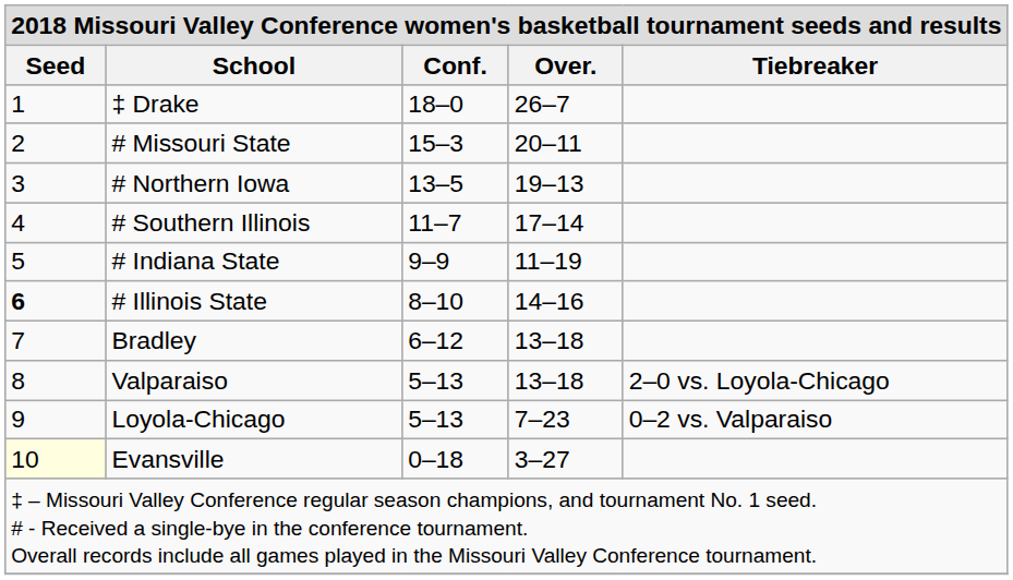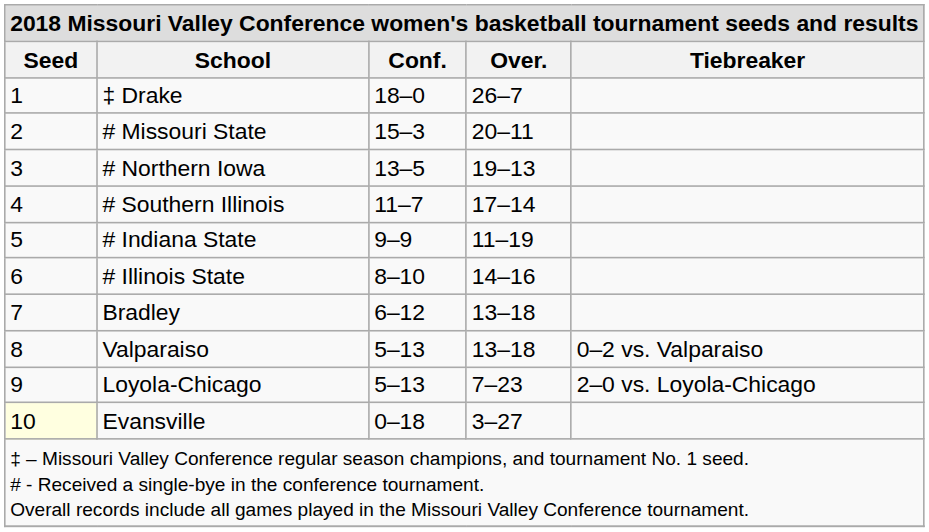 <table class="wikitable" style="white-space:nowrap; font-size:90%;">
 <tr>
 <td colspan="10" style="text-align:center; background:#DDDDDD; font:#000000"><strong>2018 Missouri Valley Conference women's basketball tournament seeds and results</strong></td>
 </tr>
 <tr bgcolor="#efefef">
 <th>Seed</th>
 <th>School</th>
 <th>Conf.</th>
 <th>Over.</th>
 <th>Tiebreaker</th>
 </tr>
 <tr>
 <td>1</td>
 <td>‡ Drake</td>
 <td>18–0</td>
 <td>26–7</td>
 <td></td>
 </tr>
 <tr>
 <td>2</td>
 <td># Missouri State</td>
 <td>15–3</td>
 <td>20–11</td>
 <td></td>
 </tr>
 <tr>
 <td>3</td>
 <td># Northern Iowa</td>
 <td>13–5</td>
 <td>19–13</td>
 <td></td>
 </tr>
 <tr>
 <td>4</td>
 <td># Southern Illinois</td>
 <td>11–7</td>
 <td>17–14</td>
 <td></td>
 </tr>
 <tr>
 <td>5</td>
 <td># Indiana State</td>
 <td>9–9</td>
 <td>11–19</td>
 <td></td>
 </tr>
 <tr>
-<td><strong>6</strong></td>
+<td>6</td>
 <td># Illinois State</td>
 <td>8–10</td>
 <td>14–16</td>
 <td></td>
 </tr>
 <tr>
 <td>7</td>
 <td>Bradley</td>
 <td>6–12</td>
 <td>13–18</td>
 <td></td>
 </tr>
 <tr>
 <td>8</td>
 <td>Valparaiso</td>
 <td>5–13</td>
 <td>13–18</td>
-<td>2–0 vs. Loyola-Chicago</td>
+<td>0–2 vs. Valparaiso</td>
 </tr>
 <tr>
 <td>9</td>
 <td>Loyola-Chicago</td>
 <td>5–13</td>
 <td>7–23</td>
-<td>0–2 vs. Valparaiso</td>
+<td>2–0 vs. Loyola-Chicago</td>
 </tr>
 <tr>
 <td style="background: lightyellow;">10</td>
 <td>Evansville</td>
 <td>0–18</td>
 <td>3–27</td>
 <td></td>
 </tr>
 <tr>
 <td colspan="10" style="text-align:left;"><small>‡ – Missouri Valley Conference regular season champions, and tournament No. 1 seed.<br># - Received a single-bye in the conference tournament.<br>Overall records include all games played in the Missouri Valley Conference tournament.</small></td>
 </tr>
 <tr>
 </tr>
 </table>
